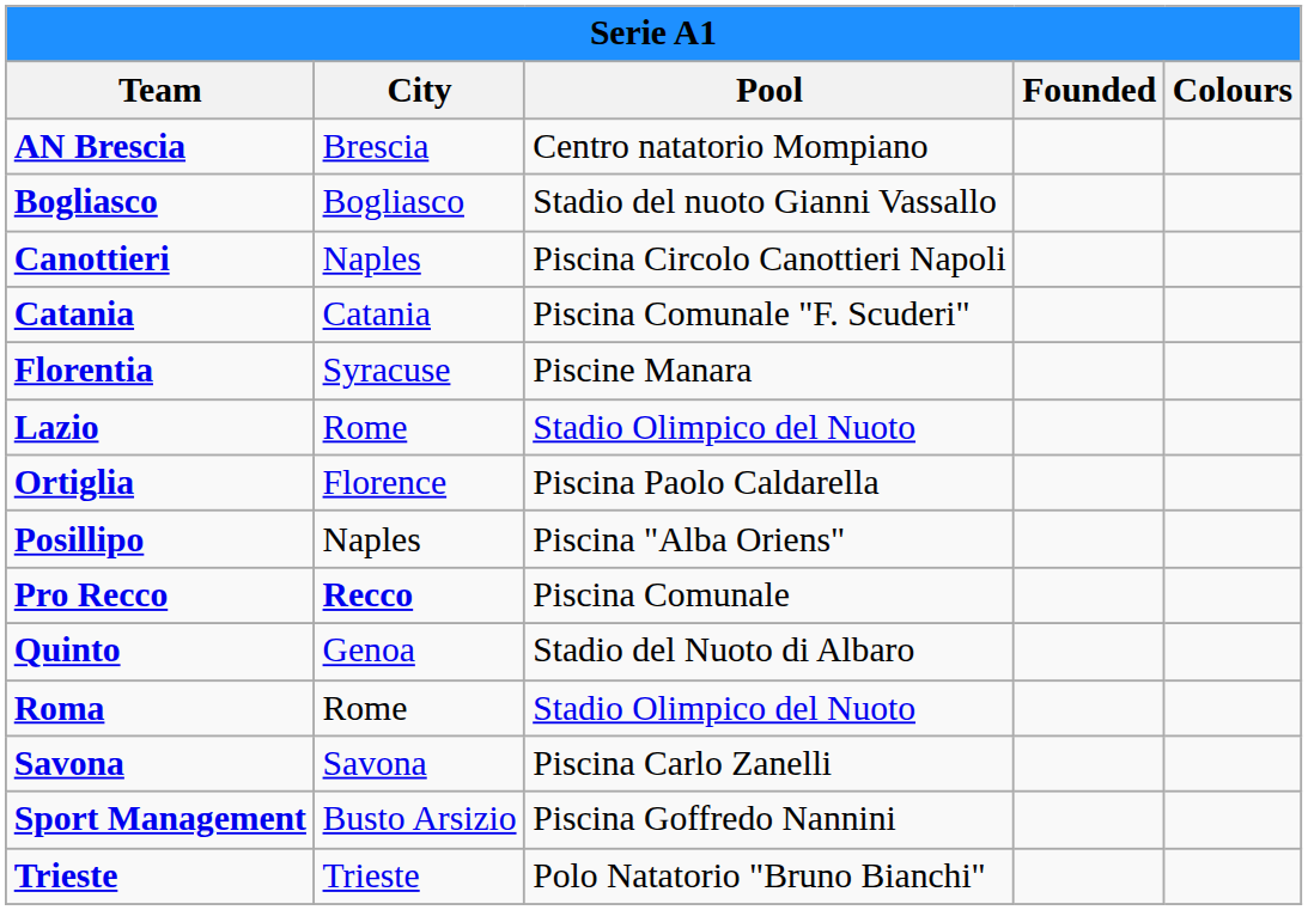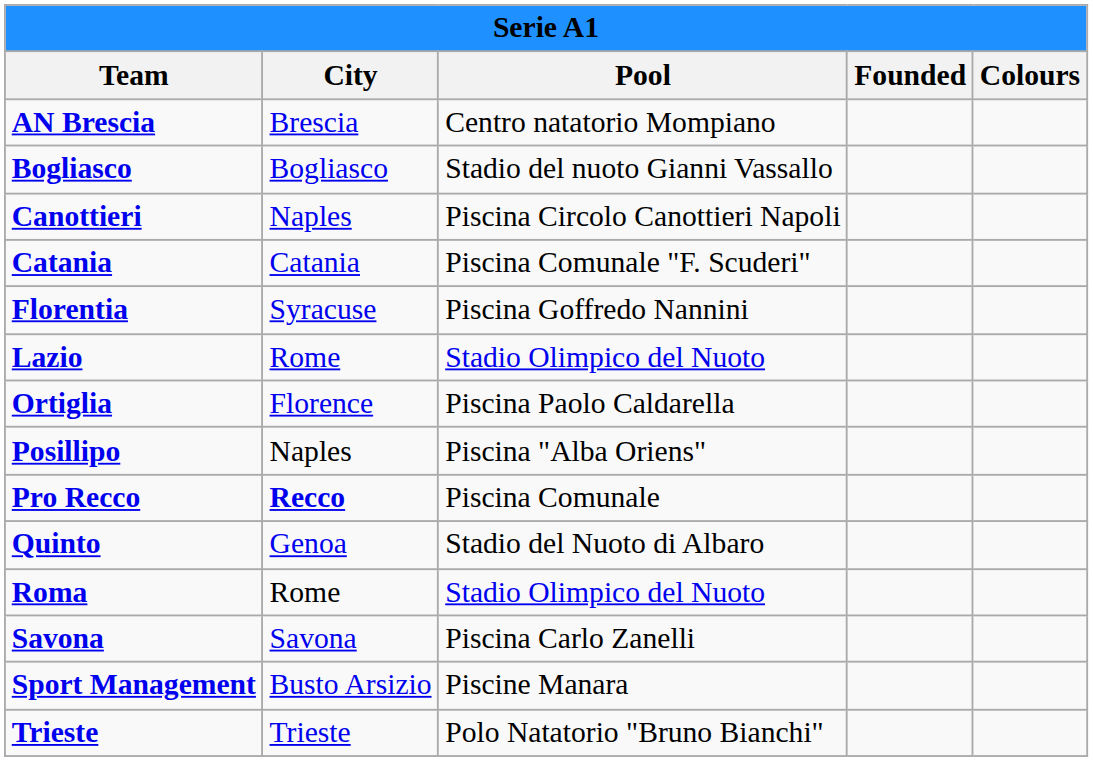 <table class="wikitable sortable">
 <tr>
 <td bgcolor=dodgerblue  align="center" colspan="17"><strong><span>Serie A1</span></strong></td>
 </tr>
 <tr>
 <th>Team</th>
 <th>City</th>
 <th>Pool</th>
 <th>Founded</th>
 <th>Colours</th>
 </tr>
 <tr>
 <td><strong><a href='#'>AN Brescia</a></strong></td>
 <td><a href='#'>Brescia</a></td>
 <td>Centro natatorio Mompiano</td>
 <td></td>
 <td></td>
 </tr>
 <tr>
 <td><strong><a href='#'>Bogliasco</a></strong></td>
 <td><a href='#'>Bogliasco</a></td>
 <td>Stadio del nuoto Gianni Vassallo</td>
 <td></td>
 <td></td>
 </tr>
 <tr>
 <td><strong><a href='#'>Canottieri</a></strong></td>
 <td><a href='#'>Naples</a></td>
 <td>Piscina Circolo Canottieri Napoli</td>
 <td></td>
 <td></td>
 </tr>
 <tr>
 <td><strong><a href='#'>Catania</a></strong></td>
 <td><a href='#'>Catania</a></td>
 <td>Piscina Comunale "F. Scuderi"</td>
 <td></td>
 <td></td>
 </tr>
 <tr>
 <td><strong><a href='#'>Florentia</a></strong></td>
 <td><a href='#'>Syracuse</a></td>
-<td>Piscine Manara</td>
+<td>Piscina Goffredo Nannini</td>
 <td></td>
 <td></td>
 </tr>
 <tr>
 <td><strong><a href='#'>Lazio</a></strong></td>
 <td><a href='#'>Rome</a></td>
 <td><a href='#'>Stadio Olimpico del Nuoto</a></td>
 <td></td>
 <td></td>
 </tr>
 <tr>
 <td><strong><a href='#'>Ortiglia</a></strong></td>
 <td><a href='#'>Florence</a></td>
 <td>Piscina Paolo Caldarella</td>
 <td></td>
 <td></td>
 </tr>
 <tr>
 <td><strong><a href='#'>Posillipo</a></strong></td>
 <td>Naples</td>
 <td>Piscina "Alba Oriens" </td>
 <td></td>
 <td></td>
 </tr>
 <tr>
 <td><strong><a href='#'>Pro Recco</a></strong></td>
 <td><strong><a href='#'>Recco</a></strong></td>
 <td>Piscina Comunale </td>
 <td></td>
 <td></td>
 </tr>
 <tr>
 <td><strong><a href='#'>Quinto</a></strong></td>
 <td><a href='#'>Genoa</a></td>
 <td>Stadio del Nuoto di Albaro</td>
 <td></td>
 <td></td>
 </tr>
 <tr>
 <td><strong><a href='#'>Roma</a></strong></td>
 <td>Rome</td>
 <td><a href='#'>Stadio Olimpico del Nuoto</a></td>
 <td></td>
 <td></td>
 </tr>
 <tr>
 <td><strong><a href='#'>Savona</a></strong></td>
 <td><a href='#'>Savona</a></td>
 <td>Piscina Carlo Zanelli</td>
 <td></td>
 <td></td>
 </tr>
 <tr>
 <td><strong><a href='#'>Sport Management</a></strong></td>
 <td><a href='#'>Busto Arsizio</a></td>
-<td>Piscina Goffredo Nannini</td>
+<td>Piscine Manara</td>
 <td></td>
 <td></td>
 </tr>
 <tr>
 <td><strong><a href='#'>Trieste</a></strong></td>
 <td><a href='#'>Trieste</a></td>
 <td>Polo Natatorio "Bruno Bianchi"</td>
 <td></td>
 <td></td>
 </tr>
 </table>
